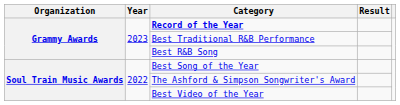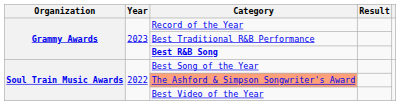 <table class="wikitable sortable plainrowheaders" style="border:none; margin:0;">
 <tr>
 <th scope="col">Organization</th>
 <th scope="col">Year</th>
 <th scope="col">Category</th>
 <th scope="col">Result</th>
 <th class="unsortable" scope="col"></th>
 </tr>
 <tr>
 <th rowspan="3" scope="row"><a href='#'>Grammy Awards</a></th>
 <td rowspan="3"><a href='#'>2023</a></td>
-<td><strong><a href='#'>Record of the Year</a></strong></td>
+<td><a href='#'>Record of the Year</a></td>
 <td></td>
 <td rowspan="3" style="text-align:center;"></td>
 </tr>
 <tr>
 <td><a href='#'>Best Traditional R&B Performance</a></td>
 <td></td>
 </tr>
 <tr>
-<td><a href='#'>Best R&B Song</a></td>
+<td><strong><a href='#'>Best R&B Song</a></strong></td>
 <td></td>
 </tr>
 <tr>
 <th rowspan="3" scope="row"><a href='#'>Soul Train Music Awards</a></th>
 <td rowspan="3"><a href='#'>2022</a></td>
 <td><a href='#'>Best Song of the Year</a></td>
 <td></td>
 <td style="text-align:center" rowspan="3"></td>
 </tr>
 <tr>
-<td><a href='#'>The Ashford & Simpson Songwriter's Award</a></td>
+<td style="background: lightsalmon;"><a href='#'>The Ashford & Simpson Songwriter's Award</a></td>
 <td></td>
 </tr>
 <tr>
 <td><a href='#'>Best Video of the Year</a></td>
 <td></td>
 </tr>
 </table>
